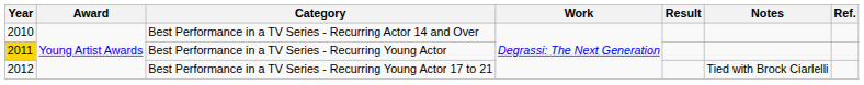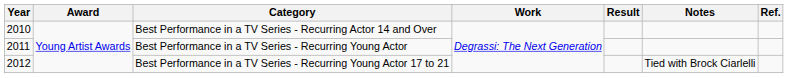 <table class="wikitable">
 <tr>
 <th>Year</th>
 <th>Award</th>
 <th>Category</th>
 <th>Work</th>
 <th>Result</th>
 <th>Notes</th>
 <th>Ref.</th>
 </tr>
 <tr>
 <td>2010</td>
 <td rowspan="3"><a href='#'>Young Artist Awards</a></td>
 <td>Best Performance in a TV Series - Recurring Actor 14 and Over</td>
 <td rowspan="3"><em><a href='#'>Degrassi: The Next Generation</a></em></td>
 <td></td>
 <td></td>
 <td style="text-align:center;"></td>
 </tr>
 <tr>
-<td style="background: gold;">2011</td>
+<td>2011</td>
 <td>Best Performance in a TV Series - Recurring Young Actor</td>
 <td></td>
 <td></td>
 <td style="text-align:center;"></td>
 </tr>
 <tr>
 <td>2012</td>
 <td>Best Performance in a TV Series - Recurring Young Actor 17 to 21</td>
 <td></td>
 <td>Tied with Brock Ciarlelli</td>
 <td style="text-align:center;"></td>
 </tr>
 </table>
